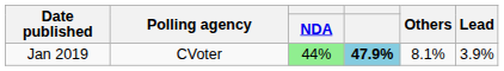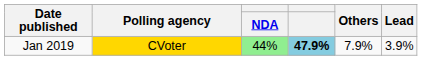 <table class="wikitable sortable" style="text-align:center; font-size:95%; line-height:16px">
 <tr>
 <th rowspan="2" width="100px">Date published</th>
 <th rowspan="2" width="175px">Polling agency</th>
 <th style="background:"></th>
 <th style="background:"></th>
 <th rowspan="2" width="50px" class="unsortable">Others</th>
 <th rowspan="2">Lead</th>
 </tr>
 <tr>
 <th width="50px" class="unsortable"><a href='#'>NDA</a></th>
 <th width="50px" class="unsortable"></th>
 </tr>
 <tr>
 <td>Jan 2019</td>
-<td>CVoter</td>
+<td style="background: gold;">CVoter</td>
 <td style="background: lightgreen;">44%</td>
 <td style="background:#84CCE0"><strong>47.9%</strong></td>
-<td>8.1%</td>
+<td>7.9%</td>
 <td style="background:"><span>3.9%</span></td>
 </tr>
 </table>
